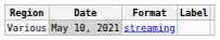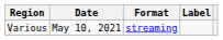 <table class="wikitable plainrowheaders">
 <tr>
 <th scope="col">Region</th>
 <th scope="col">Date</th>
 <th scope="col">Format</th>
 <th scope="col">Label</th>
 <th scope="col"></th>
 </tr>
 <tr>
 <td>Various</td>
-<td style="background: lightgrey;">May 10, 2021</td>
+<td>May 10, 2021</td>
 <td><a href='#'>streaming</a></td>
 <td rowspan="2"></td>
 <td align="center"></td>
 </tr>
 </table>
